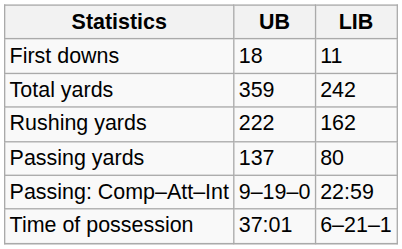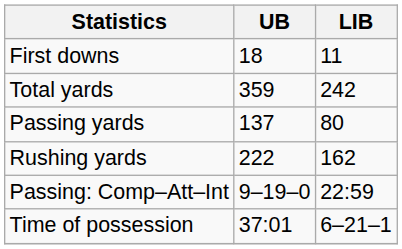 <table class="wikitable" style="float: left;">
 <tr>
 <th>Statistics</th>
 <th>UB</th>
 <th>LIB</th>
 </tr>
 <tr>
 <td>First downs</td>
 <td>18</td>
 <td>11</td>
 </tr>
 <tr>
 <td>Total yards</td>
 <td>359</td>
 <td>242</td>
 </tr>
 <tr>
+<td>Passing yards</td>
+<td>137</td>
+<td>80</td>
+</tr>
+<tr>
 <td>Rushing yards</td>
 <td>222</td>
 <td>162</td>
-</tr>
-<tr>
-<td>Passing yards</td>
-<td>137</td>
-<td>80</td>
 </tr>
 <tr>
 <td>Passing: Comp–Att–Int</td>
 <td>9–19–0</td>
 <td>22:59</td>
 </tr>
 <tr>
 <td>Time of possession</td>
 <td>37:01</td>
 <td>6–21–1</td>
 </tr>
 <tr>
 </tr>
 </table>
